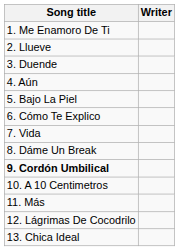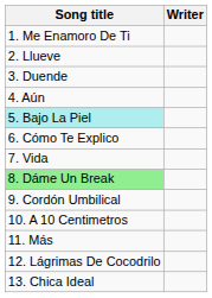 <table class="wikitable">
 <tr>
 <th>Song title</th>
 <th>Writer</th>
 </tr>
 <tr>
 <td>1. Me Enamoro De Ti</td>
 <td></td>
 </tr>
 <tr>
 <td>2. Llueve</td>
 <td></td>
 </tr>
 <tr>
 <td>3. Duende</td>
 <td></td>
 </tr>
 <tr>
 <td>4. Aún</td>
 <td></td>
 </tr>
 <tr>
-<td>5. Bajo La Piel</td>
+<td style="background: paleturquoise;">5. Bajo La Piel</td>
 <td></td>
 </tr>
 <tr>
 <td>6. Cómo Te Explico</td>
 <td></td>
 </tr>
 <tr>
 <td>7. Vida</td>
 <td></td>
 </tr>
 <tr>
-<td>8. Dáme Un Break</td>
+<td style="background: lightgreen;">8. Dáme Un Break</td>
 <td></td>
 </tr>
 <tr>
-<td><strong>9. Cordón Umbilical</strong></td>
+<td>9. Cordón Umbilical</td>
 <td></td>
 </tr>
 <tr>
 <td>10. A 10 Centimetros</td>
 <td></td>
 </tr>
 <tr>
 <td>11. Más</td>
 <td></td>
 </tr>
 <tr>
 <td>12. Lágrimas De Cocodrilo</td>
 <td></td>
 </tr>
 <tr>
 <td>13. Chica Ideal</td>
 <td></td>
 </tr>
 </table>
